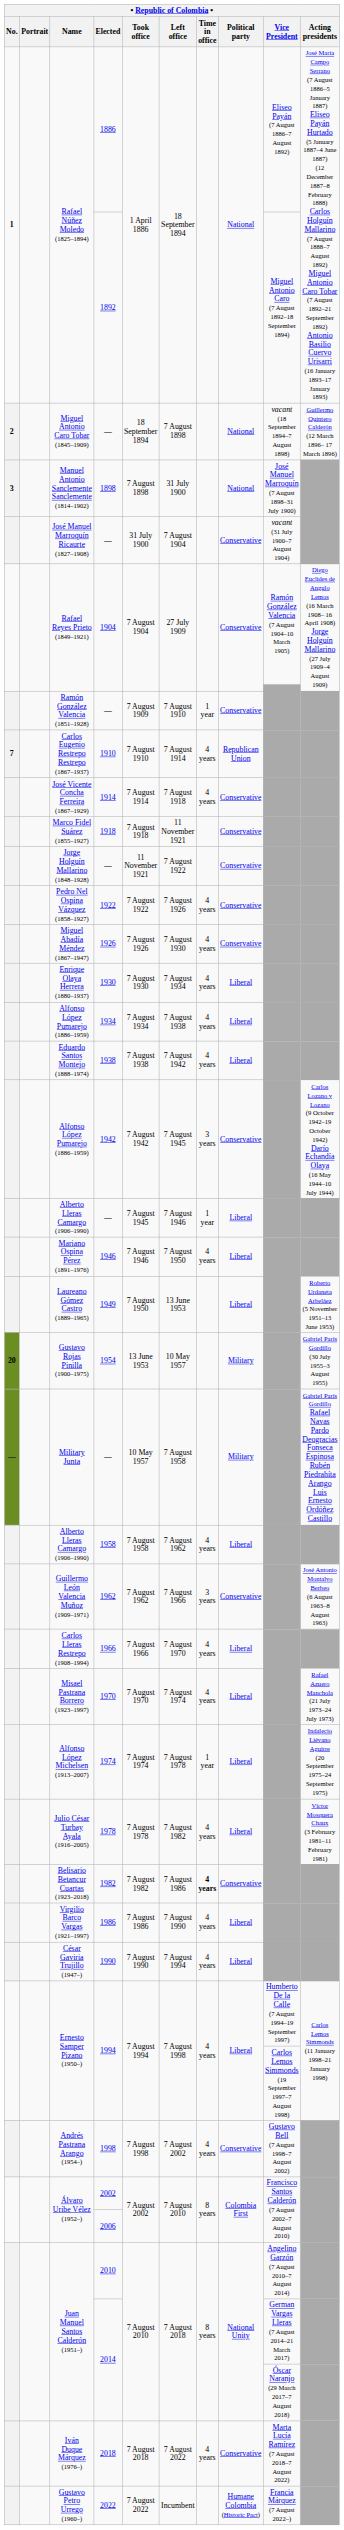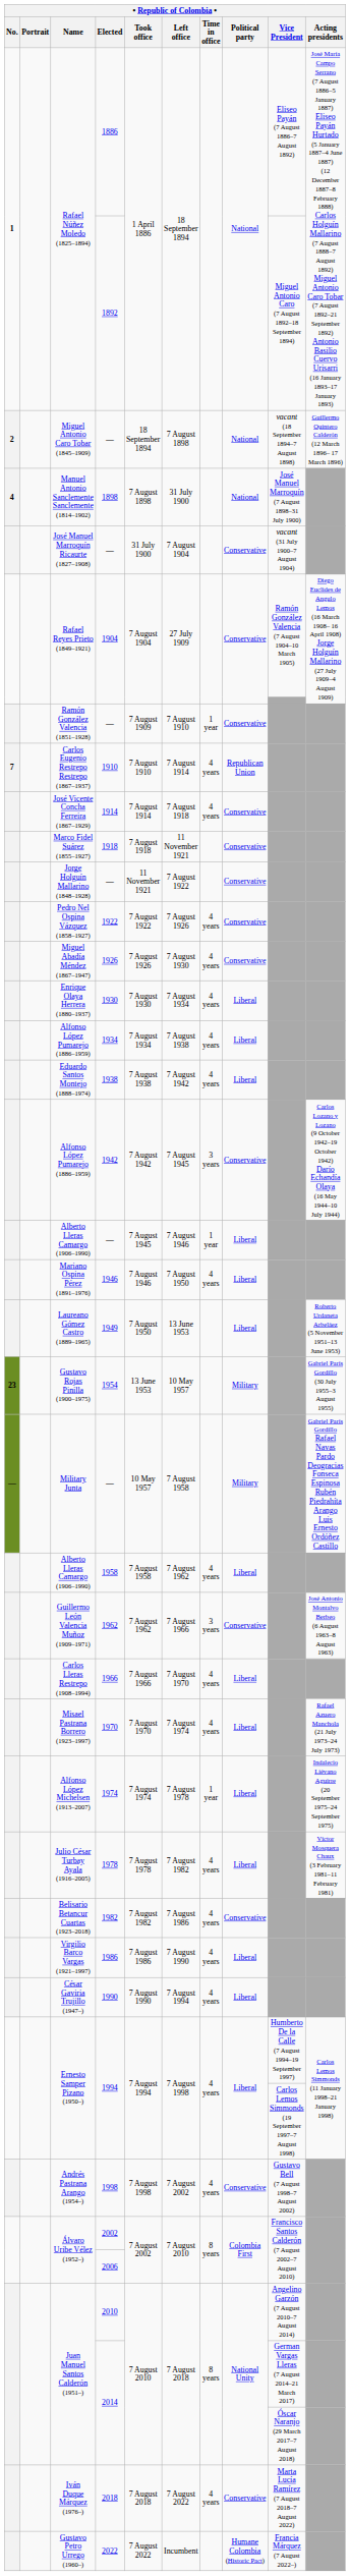 <table class="wikitable" style="text-align: center;">
 <tr>
 <th colspan="10"> • <a href='#'>Republic of Colombia</a> • </th>
 </tr>
 <tr>
 <th>No.<br></th>
 <th>Portrait</th>
 <th>Name<br></th>
 <th>Elected</th>
 <th>Took office</th>
 <th>Left office</th>
 <th><strong>Time in office</strong></th>
 <th>Political party</th>
 <th><a href='#'>Vice President</a></th>
 <th>Acting presidents</th>
 </tr>
 <tr>
 <td rowspan="2" ! style="background:"><strong>1</strong></td>
 <td rowspan="2"></td>
 <td rowspan="2"><a href='#'>Rafael Núñez Moledo</a><br><small>(1825–1894)</small><br></td>
 <td><a href='#'>1886</a></td>
 <td rowspan="2">1 April 1886<br></td>
 <td rowspan="2">18 September 1894<br></td>
 <td rowspan="2"></td>
 <td rowspan="2"><a href='#'>National</a></td>
 <td><a href='#'>Eliseo<br>Payán</a><br><small>(7 August 1886–7 August 1892)</small></td>
 <td rowspan="2"><small><a href='#'>José María Campo Serrano</a></small><br><small>(7 August 1886–5 January 1887)</small><br><a href='#'>Eliseo Payán Hurtado</a><br><small>(5 January 1887–4 June 1887)</small><br><small>(12 December 1887–8 February 1888)</small><br><a href='#'>Carlos Holguín Mallarino</a><br><small>(7 August 1888–7 August 1892)</small><br><a href='#'>Miguel Antonio Caro Tobar</a><br><small>(7 August 1892–21 September 1892)</small><br><a href='#'>Antonio Basilio Cuervo Urisarri</a><br><small>(16 January 1893–17 January 1893)</small></td>
 </tr>
 <tr>
 <td><a href='#'>1892</a></td>
 <td><a href='#'>Miguel Antonio<br>Caro</a><br><small>(7 August 1892–18 September 1894)</small></td>
 </tr>
 <tr>
 <th style="background:">2</th>
 <td></td>
 <td><a href='#'>Miguel Antonio<br>Caro Tobar</a><br><small>(1845–1909)</small><br></td>
 <td>—</td>
 <td>18 September 1894</td>
 <td>7 August 1898</td>
 <td></td>
 <td><a href='#'>National</a></td>
 <td><em>vacant</em><br><small>(18 September 1894–7 August 1898)</small><br></td>
 <td><small><a href='#'>Guillermo Quintero Calderón</a></small><br><small>(12 March 1896– 17 March 1896)</small></td>
 </tr>
 <tr>
-<th style="background:">3</th>
+<th style="background:">4</th>
 <td></td>
 <td><a href='#'>Manuel Antonio<br>Sanclemente Sanclemente</a><br><small>(1814–1902)</small><br></td>
 <td><a href='#'>1898</a></td>
 <td>7 August 1898</td>
 <td>31 July 1900</td>
 <td></td>
 <td><a href='#'>National</a></td>
 <td><a href='#'>José Manuel<br>Marroquín</a><br><small>(7 August 1898–31 July 1900)</small></td>
 <td bgcolor=#aaaaaa></td>
 </tr>
 <tr>
 <th style="background:"></th>
 <td></td>
 <td><a href='#'>José Manuel<br>Marroquín Ricaurte</a><br><small>(1827–1908)</small><br></td>
 <td>—</td>
 <td>31 July 1900<br></td>
 <td>7 August 1904</td>
 <td></td>
 <td><a href='#'>Conservative</a></td>
 <td><em>vacant</em><br><small>(31 July 1900–7 August 1904)</small><br></td>
 <td bgcolor=#aaaaaa></td>
 </tr>
 <tr>
 <td rowspan="2" ! style="background:"><strong></strong></td>
 <td rowspan="2"></td>
 <td rowspan="2"><a href='#'>Rafael<br>Reyes Prieto</a><br><small>(1849–1921)</small><br></td>
 <td rowspan="2"><a href='#'>1904</a></td>
 <td rowspan="2">7 August 1904</td>
 <td rowspan="2">27 July 1909<br></td>
 <td rowspan="2"></td>
 <td rowspan="2"><a href='#'>Conservative</a></td>
 <td><a href='#'>Ramón<br>González Valencia</a><br><small>(7 August 1904–10 March 1905)</small><br></td>
 <td rowspan="2"><small><a href='#'>Diego Euclides de Angulo Lemos</a></small><br><small>(16 March 1908– 16 April 1908)</small><br><a href='#'>Jorge Holguín Mallarino</a><br><small>(27 July 1909–4 August 1909)</small></td>
 </tr>
 <tr>
 <td bgcolor=#aaaaaa></td>
 </tr>
 <tr>
 <th style="background:"></th>
 <td></td>
 <td><a href='#'>Ramón<br>González Valencia</a><br><small>(1851–1928)</small><br></td>
 <td>—</td>
 <td>7 August 1909</td>
 <td>7 August 1910</td>
 <td>1 year</td>
 <td><a href='#'>Conservative</a></td>
 <td bgcolor=#aaaaaa></td>
 <td bgcolor=#aaaaaa></td>
 </tr>
 <tr>
 <th style="background:">7</th>
 <td></td>
 <td><a href='#'>Carlos Eugenio<br>Restrepo Restrepo</a><br><small>(1867–1937)</small><br></td>
 <td><a href='#'>1910</a></td>
 <td>7 August 1910</td>
 <td>7 August 1914<br></td>
 <td>4 years</td>
 <td><a href='#'>Republican Union</a><br></td>
 <td bgcolor=#aaaaaa></td>
 <td bgcolor=#aaaaaa></td>
 </tr>
 <tr>
 <th style="background:"></th>
 <td></td>
 <td><a href='#'>José Vicente<br>Concha Ferreira</a><br><small>(1867–1929)</small><br></td>
 <td><a href='#'>1914</a></td>
 <td>7 August 1914</td>
 <td>7 August 1918</td>
 <td>4 years</td>
 <td><a href='#'>Conservative</a></td>
 <td bgcolor=#aaaaaa></td>
 <td bgcolor=#aaaaaa></td>
 </tr>
 <tr>
 <th style="background:"></th>
 <td></td>
 <td><a href='#'>Marco Fidel<br>Suárez</a><br><small>(1855–1927)</small><br></td>
 <td><a href='#'>1918</a></td>
 <td>7 August 1918</td>
 <td>11 November 1921<br></td>
 <td></td>
 <td><a href='#'>Conservative</a></td>
 <td bgcolor=#aaaaaa></td>
 <td bgcolor=#aaaaaa></td>
 </tr>
 <tr>
 <th style="background:"></th>
 <td></td>
 <td><a href='#'>Jorge<br>Holguín Mallarino</a><br><small>(1848–1928)</small><br></td>
 <td>—</td>
 <td>11 November 1921</td>
 <td>7 August 1922</td>
 <td></td>
 <td><a href='#'>Conservative</a></td>
 <td bgcolor=#aaaaaa></td>
 <td bgcolor=#aaaaaa></td>
 </tr>
 <tr>
 <th style="background:"></th>
 <td></td>
 <td><a href='#'>Pedro Nel<br>Ospina Vázquez</a><br><small>(1858–1927)</small><br></td>
 <td><a href='#'>1922</a></td>
 <td>7 August 1922</td>
 <td>7 August 1926</td>
 <td>4 years</td>
 <td><a href='#'>Conservative</a></td>
 <td bgcolor=#aaaaaa></td>
 <td bgcolor=#aaaaaa></td>
 </tr>
 <tr>
 <th style="background:"></th>
 <td></td>
 <td><a href='#'>Miguel<br>Abadía Méndez</a><br><small>(1867–1947)</small><br></td>
 <td><a href='#'>1926</a></td>
 <td>7 August 1926</td>
 <td>7 August 1930</td>
 <td>4 years</td>
 <td><a href='#'>Conservative</a></td>
 <td bgcolor=#aaaaaa></td>
 <td bgcolor=#aaaaaa></td>
 </tr>
 <tr>
 <th style="background:"></th>
 <td></td>
 <td><a href='#'>Enrique<br>Olaya Herrera</a><br><small>(1880–1937)</small><br></td>
 <td><a href='#'>1930</a></td>
 <td>7 August 1930</td>
 <td>7 August 1934</td>
 <td>4 years</td>
 <td><a href='#'>Liberal</a></td>
 <td bgcolor=#aaaaaa></td>
 <td bgcolor=#aaaaaa></td>
 </tr>
 <tr>
 <th style="background:"></th>
 <td></td>
 <td><a href='#'>Alfonso<br>López Pumarejo</a><br><small>(1886–1959)</small><br></td>
 <td><a href='#'>1934</a></td>
 <td>7 August 1934</td>
 <td>7 August 1938</td>
 <td>4 years</td>
 <td><a href='#'>Liberal</a></td>
 <td bgcolor=#aaaaaa></td>
 <td bgcolor=#aaaaaa></td>
 </tr>
 <tr>
 <th style="background:"></th>
 <td></td>
 <td><a href='#'>Eduardo<br>Santos Montejo</a><br><small>(1888–1974)</small><br></td>
 <td><a href='#'>1938</a></td>
 <td>7 August 1938</td>
 <td>7 August 1942</td>
 <td>4 years</td>
 <td><a href='#'>Liberal</a></td>
 <td bgcolor=#aaaaaa></td>
 <td bgcolor=#aaaaaa></td>
 </tr>
 <tr>
 <th style="background:"></th>
 <td></td>
 <td><a href='#'>Alfonso<br>López Pumarejo</a><br><small>(1886–1959)</small><br></td>
 <td><a href='#'>1942</a></td>
 <td>7 August 1942</td>
 <td>7 August 1945<br></td>
 <td>3 years</td>
 <td><a href='#'>Conservative</a><br></td>
 <td bgcolor=#aaaaaa></td>
 <td><small><a href='#'>Carlos Lozano y Lozano</a></small><br><small>(9 October 1942–19 October 1942)</small><br><a href='#'>Darío Echandía Olaya</a><br><small>(16 May 1944–10 July 1944)</small></td>
 </tr>
 <tr>
 <th style="background:"></th>
 <td></td>
 <td><a href='#'>Alberto<br>Lleras Camargo</a><br><small>(1906–1990)</small><br></td>
 <td>—</td>
 <td>7 August 1945</td>
 <td>7 August 1946</td>
 <td>1 year</td>
 <td><a href='#'>Liberal</a></td>
 <td bgcolor=#aaaaaa></td>
 <td bgcolor=#aaaaaa></td>
 </tr>
 <tr>
 <th style="background:"></th>
 <td></td>
 <td><a href='#'>Mariano<br>Ospina Pérez</a><br><small>(1891–1976)</small><br></td>
 <td><a href='#'>1946</a></td>
 <td>7 August 1946</td>
 <td>7 August 1950</td>
 <td>4 years</td>
 <td><a href='#'>Liberal</a></td>
 <td bgcolor=#aaaaaa></td>
 <td bgcolor=#aaaaaa></td>
 </tr>
 <tr>
 <th style="background:"></th>
 <td></td>
 <td><a href='#'>Laureano<br>Gómez Castro</a><br><small>(1889–1965)</small><br></td>
 <td><a href='#'>1949</a></td>
 <td>7 August 1950</td>
 <td>13 June 1953</td>
 <td></td>
 <td><a href='#'>Liberal</a></td>
 <td bgcolor=#aaaaaa></td>
 <td><small><a href='#'>Roberto Urdaneta Arbeláez</a></small><br><small>(5 November 1951–13 June 1953)</small></td>
 </tr>
 <tr>
-<td style="background:#6B8E23;" !><strong>20</strong></td>
+<td style="background:#6B8E23;" !><strong>23</strong></td>
 <td></td>
 <td><a href='#'>Gustavo<br>Rojas Pinilla</a><br><small>(1900–1975)</small><br></td>
 <td><a href='#'>1954</a></td>
 <td>13 June 1953<br></td>
 <td>10 May 1957<br></td>
 <td></td>
 <td><a href='#'>Military</a></td>
 <td bgcolor="#aaaaaa" !></td>
 <td><small><a href='#'>Gabriel París Gordillo</a></small><br><small>(30 July 1955–3 August 1955)</small></td>
 </tr>
 <tr>
 <th style="background:#6B8E23;"><strong>—</strong></th>
 <td></td>
 <td><a href='#'>Military Junta</a></td>
 <td>—</td>
 <td>10 May 1957</td>
 <td>7 August 1958</td>
 <td></td>
 <td><a href='#'>Military</a></td>
 <td bgcolor="#aaaaaa"></td>
 <td><small><a href='#'>Gabriel París Gordillo</a></small><br><a href='#'>Rafael Navas Pardo</a><br><a href='#'>Deogracias Fonseca Espinosa</a><br><a href='#'>Rubén Piedrahíta Arango</a><br><a href='#'>Luis Ernesto Ordóñez Castillo</a></td>
 </tr>
 <tr>
 <th style="background:"></th>
 <td></td>
 <td><a href='#'>Alberto<br>Lleras Camargo</a><br><small>(1906–1990)</small><br></td>
 <td><a href='#'>1958</a></td>
 <td>7 August 1958</td>
 <td>7 August 1962</td>
 <td>4 years</td>
 <td><a href='#'>Liberal</a><br></td>
 <td bgcolor="#aaaaaa"></td>
 <td bgcolor="#aaaaaa"></td>
 </tr>
 <tr>
 <th style="background:"></th>
 <td></td>
 <td><a href='#'>Guillermo León<br>Valencia Muñoz</a><br><small>(1909–1971)</small><br></td>
 <td><a href='#'>1962</a></td>
 <td>7 August 1962</td>
 <td>7 August 1966</td>
 <td>3 years</td>
 <td><a href='#'>Conservative</a><br></td>
 <td bgcolor="#aaaaaa"></td>
 <td><small><a href='#'>José Antonio Montalvo Berbeo</a></small><br><small>(6 August 1963–8 August 1963)</small></td>
 </tr>
 <tr>
 <th style="background:"></th>
 <td></td>
 <td><a href='#'>Carlos<br>Lleras Restrepo</a><br><small>(1908–1994)</small><br></td>
 <td><a href='#'>1966</a></td>
 <td>7 August 1966</td>
 <td>7 August 1970</td>
 <td>4 years</td>
 <td><a href='#'>Liberal</a><br></td>
 <td bgcolor="#aaaaaa"></td>
 <td bgcolor="#aaaaaa"></td>
 </tr>
 <tr>
 <th style="background:"></th>
 <td></td>
 <td><a href='#'>Misael<br>Pastrana Borrero</a><br><small>(1923–1997)</small><br></td>
 <td><a href='#'>1970</a></td>
 <td>7 August 1970</td>
 <td>7 August 1974</td>
 <td>4 years</td>
 <td><a href='#'>Liberal</a></td>
 <td bgcolor="#aaaaaa"></td>
 <td><small><a href='#'>Rafael Azuero Manchola</a></small><br><small>(21 July 1973–24 July 1973)</small></td>
 </tr>
 <tr>
 <th style="background:"></th>
 <td></td>
 <td><a href='#'>Alfonso<br>López Michelsen</a><br><small>(1913–2007)</small><br></td>
 <td><a href='#'>1974</a></td>
 <td>7 August 1974</td>
 <td>7 August 1978</td>
 <td>1 year</td>
 <td><a href='#'>Liberal</a></td>
 <td bgcolor="#aaaaaa"></td>
 <td><small><a href='#'>Indalecio Liévano Aguirre</a></small><br><small>(20 September 1975–24 September 1975)</small></td>
 </tr>
 <tr>
 <th style="background:"></th>
 <td></td>
 <td><a href='#'>Julio César<br>Turbay Ayala</a><br><small>(1916–2005)</small><br></td>
 <td><a href='#'>1978</a></td>
 <td>7 August 1978</td>
 <td>7 August 1982</td>
 <td>4 years</td>
 <td><a href='#'>Liberal</a></td>
 <td bgcolor="#aaaaaa"></td>
 <td><small><a href='#'>Víctor Mosquera Chaux</a></small><br><small>(3 February 1981–11 February 1981)</small></td>
 </tr>
 <tr>
 <th style="background:"></th>
 <td></td>
 <td><a href='#'>Belisario<br>Betancur Cuartas</a><br><small>(1923–2018)</small><br></td>
 <td><a href='#'>1982</a></td>
 <td>7 August 1982</td>
 <td>7 August 1986</td>
-<td><strong>4 years</strong></td>
+<td>4 years</td>
 <td><a href='#'>Conservative</a></td>
 <td bgcolor="#aaaaaa"></td>
 <td bgcolor="#aaaaaa"></td>
 </tr>
 <tr>
 <th style="background:"></th>
 <td></td>
 <td><a href='#'>Virgilio<br>Barco Vargas</a><br><small>(1921–1997)</small><br></td>
 <td><a href='#'>1986</a></td>
 <td>7 August 1986</td>
 <td>7 August 1990</td>
 <td>4 years</td>
 <td><a href='#'>Liberal</a></td>
 <td bgcolor="#aaaaaa"></td>
 <td bgcolor="#aaaaaa"></td>
 </tr>
 <tr>
 <th style="background:"></th>
 <td></td>
 <td><a href='#'>César<br>Gaviria Trujillo</a><br><small>(1947–)</small><br></td>
 <td><a href='#'>1990</a></td>
 <td>7 August 1990</td>
 <td>7 August 1994</td>
 <td>4 years</td>
 <td><a href='#'>Liberal</a></td>
 <td bgcolor="#aaaaaa"></td>
 <td bgcolor="#aaaaaa"></td>
 </tr>
 <tr>
 <td rowspan="2" style="background:"><strong></strong></td>
 <td rowspan="2"></td>
 <td rowspan="2"><a href='#'>Ernesto<br>Samper Pizano</a><br><small>(1950–)</small><br></td>
 <td rowspan="2"><a href='#'>1994</a></td>
 <td rowspan="2">7 August 1994</td>
 <td rowspan="2">7 August 1998</td>
 <td rowspan="2">4 years</td>
 <td rowspan="2"><a href='#'>Liberal</a></td>
 <td><a href='#'>Humberto<br>De la Calle</a><br><small>(7 August 1994–19 September 1997)</small><br></td>
 <td rowspan="2"><small><a href='#'>Carlos Lemos Simmonds</a></small><br><small>(11 January 1998–21 January 1998)</small></td>
 </tr>
 <tr>
 <td><a href='#'>Carlos<br>Lemos Simmonds</a><br><small>(19 September 1997–7 August 1998)</small></td>
 </tr>
 <tr>
 <th style="background:"></th>
 <td></td>
 <td><a href='#'>Andrés<br>Pastrana Arango</a><br><small>(1954–)</small><br></td>
 <td><a href='#'>1998</a></td>
 <td>7 August 1998</td>
 <td>7 August 2002</td>
 <td>4 years</td>
 <td><a href='#'>Conservative</a></td>
 <td><a href='#'>Gustavo<br>Bell</a><br><small>(7 August 1998–7 August 2002)</small></td>
 <td bgcolor=#aaaaaa></td>
 </tr>
 <tr>
 <td rowspan="2" ! style="background:"><strong></strong></td>
 <td rowspan="2"></td>
 <td rowspan="2"><a href='#'>Álvaro<br>Uribe Vélez</a><br><small>(1952–)</small><br></td>
 <td><a href='#'>2002</a></td>
 <td rowspan="2">7 August 2002</td>
 <td rowspan="2">7 August 2010<br></td>
 <td rowspan="2">8 years</td>
 <td rowspan="2"><a href='#'>Colombia First</a></td>
 <td rowspan="2"><a href='#'>Francisco<br>Santos Calderón</a><br><small>(7 August 2002–7 August 2010)</small></td>
 <td rowspan="2" bgcolor=#aaaaaa></td>
 </tr>
 <tr>
 <td><a href='#'>2006</a></td>
 </tr>
 <tr>
 <th rowspan="3" ! style="background:"></th>
 <td rowspan="3"></td>
 <td rowspan="3"><a href='#'>Juan Manuel<br>Santos Calderón</a><br><small>(1951–)</small><br></td>
 <td><a href='#'>2010</a></td>
 <td rowspan="3">7 August 2010</td>
 <td rowspan="3">7 August 2018</td>
 <td rowspan="3">8 years</td>
 <td rowspan="3"><a href='#'>National Unity</a></td>
 <td><a href='#'>Angelino<br>Garzón</a><br><small>(7 August 2010–7 August 2014)</small></td>
 <td bgcolor=#aaaaaa></td>
 </tr>
 <tr>
 <td rowspan="2"><a href='#'>2014</a></td>
 <td><a href='#'>German<br>Vargas Lleras</a><br><small>(7 August 2014–21 March 2017)</small></td>
 <td bgcolor=#aaaaaa></td>
 </tr>
 <tr |>
 <td><a href='#'>Óscar Naranjo</a><br><small>(29 March 2017–7 August 2018)</small></td>
 <td bgcolor=#aaaaaa></td>
 </tr>
 <tr>
 <th style="background:"></th>
 <td></td>
 <td><a href='#'>Iván<br>Duque Márquez</a><br><small>(1976–)</small></td>
 <td><a href='#'>2018</a></td>
 <td>7 August 2018</td>
 <td>7 August 2022</td>
 <td>4 years</td>
 <td><a href='#'>Conservative</a></td>
 <td><a href='#'>Marta Lucía Ramírez</a><br><small>(7 August 2018–7 August 2022)</small></td>
 <td bgcolor=#aaaaaa></td>
 </tr>
 <tr>
 <th style="background:"></th>
 <td></td>
 <td><a href='#'>Gustavo<br>Petro Urrego</a><br><small>(1960–)</small></td>
 <td><a href='#'>2022</a></td>
 <td>7 August 2022</td>
 <td>Incumbent</td>
 <td></td>
 <td><a href='#'>Humane Colombia</a><br><small>(<a href='#'>Historic Pact</a>)</small></td>
 <td><a href='#'>Francia Márquez</a><br><small>(7 August 2022–)</small></td>
 <td bgcolor=#aaaaaa></td>
 </tr>
 </table>
